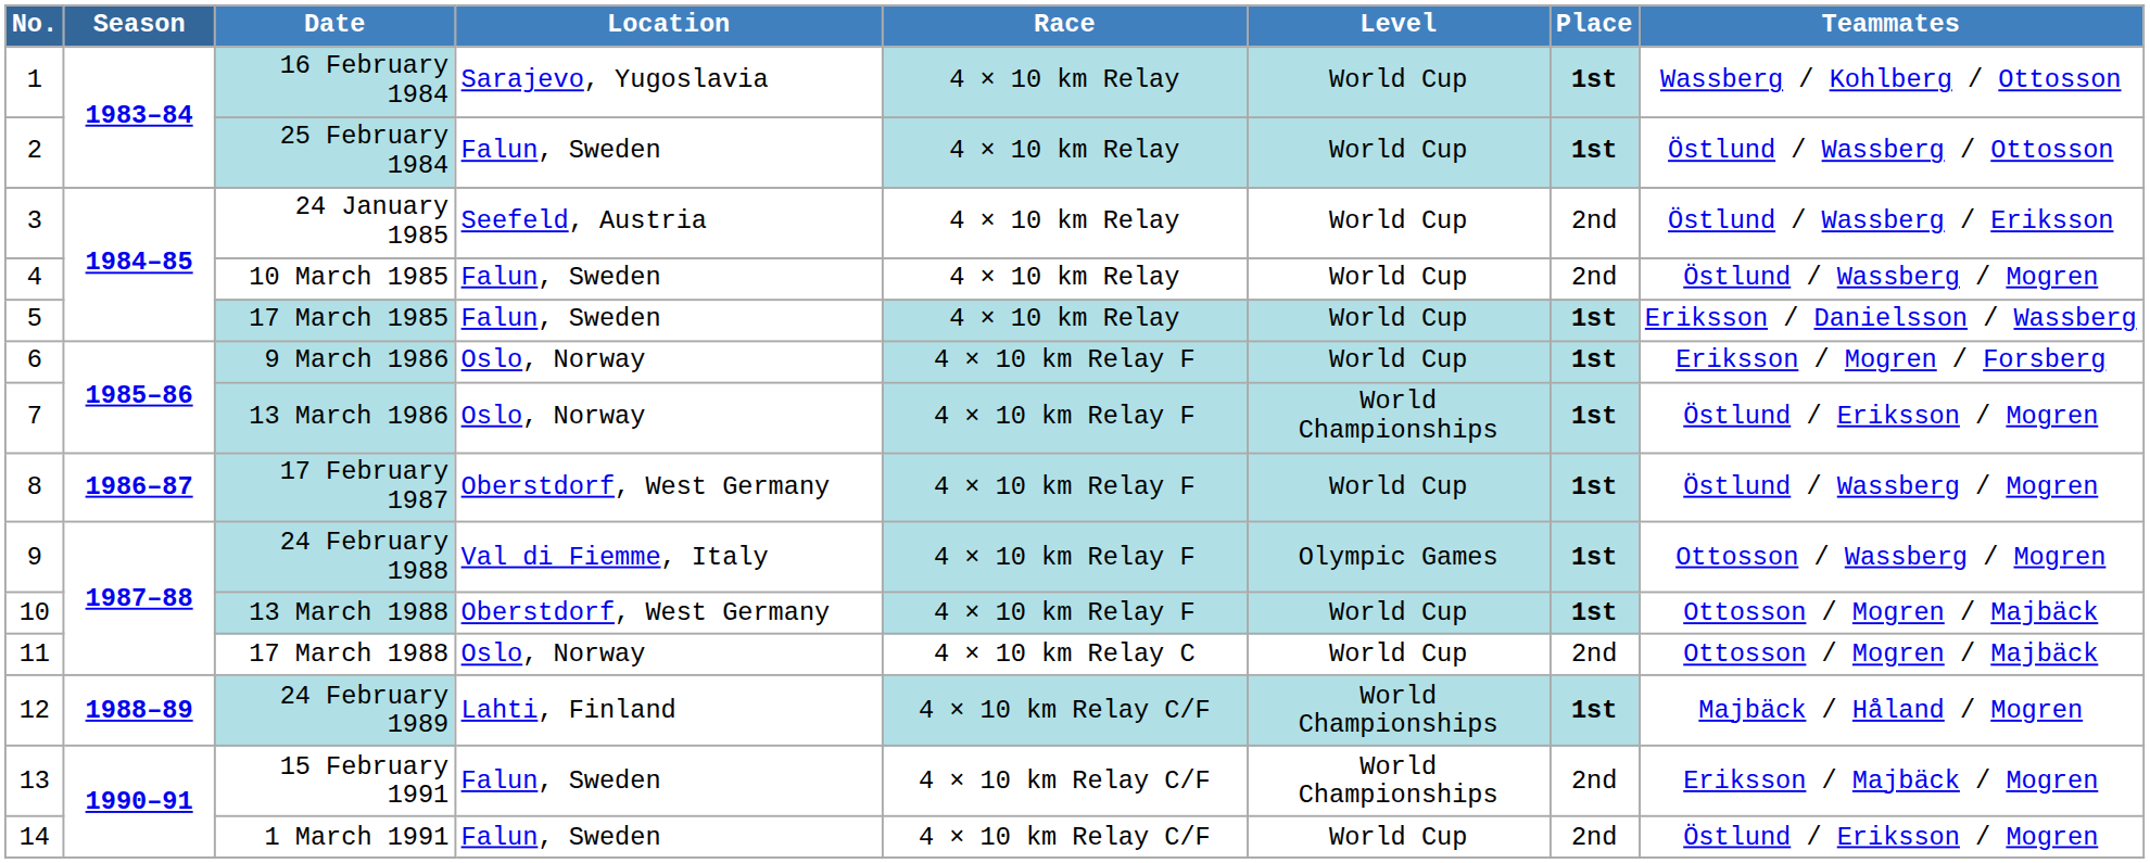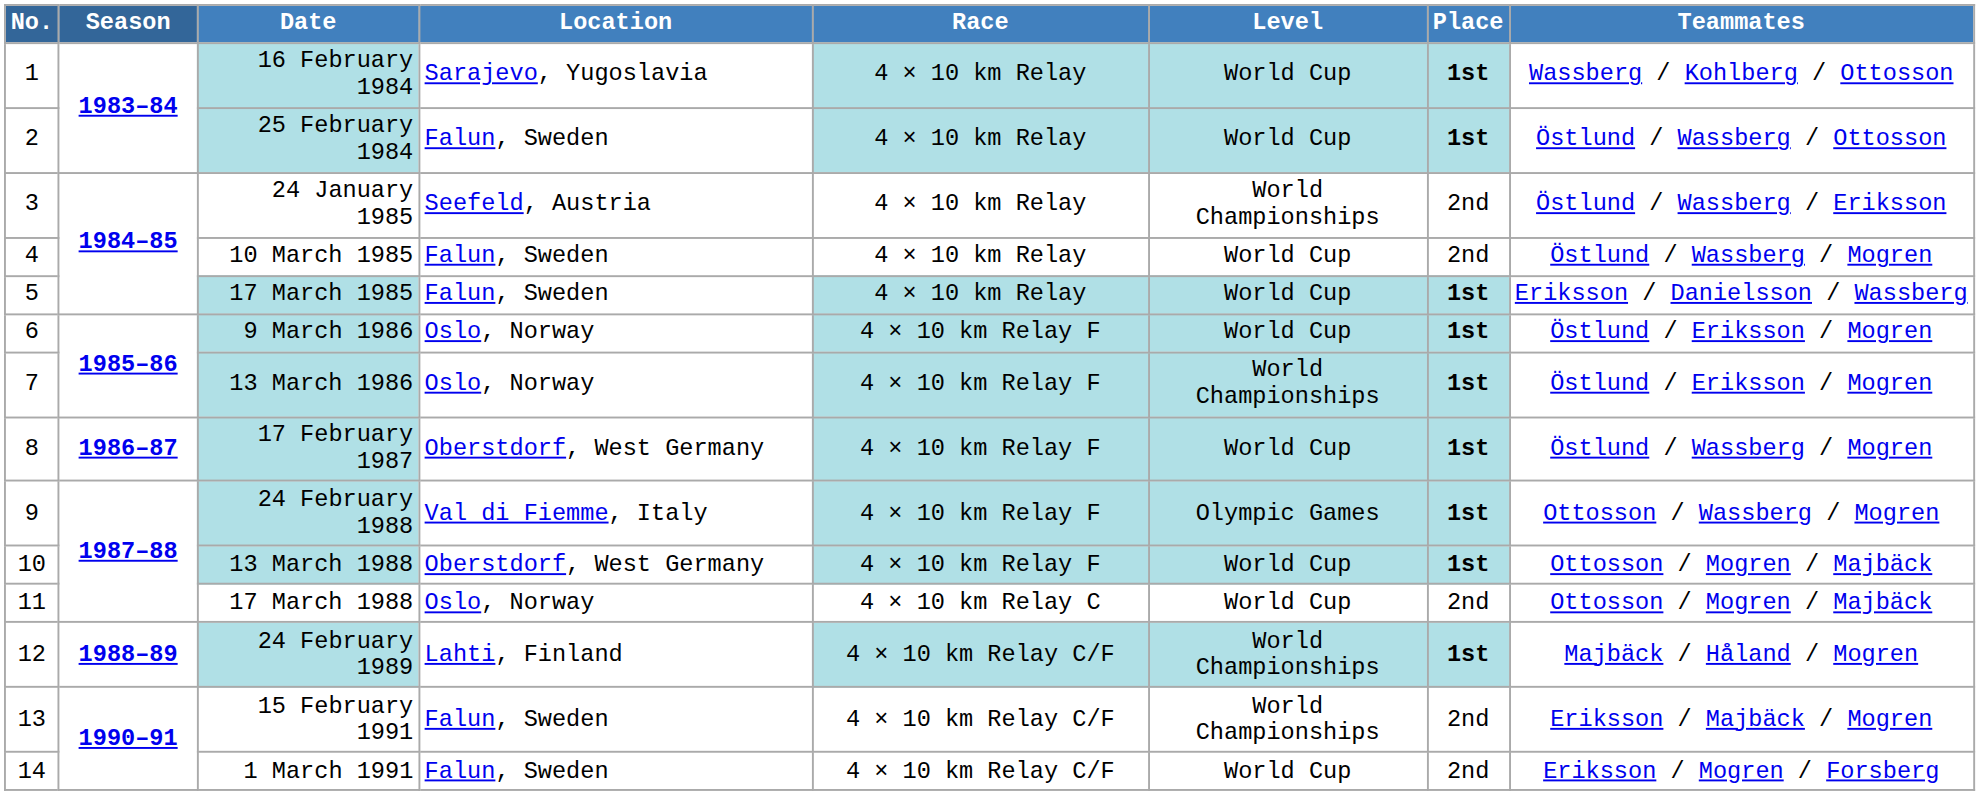 <table class="wikitable sortable" style="font-size:95%; text-align:center; border:grey solid 1px; border-collapse:collapse; background:#ffffff;">
 <tr style="background:#efefef;">
 <th style="background-color:#369; color:white;">No.</th>
 <th style="background-color:#369; color:white;">Season</th>
 <th style="background-color:#4180be; color:white; width:110px;">Date</th>
 <th style="background-color:#4180be; color:white; width:200px;">Location</th>
 <th style="background-color:#4180be; color:white; width:170px;">Race</th>
 <th style="background-color:#4180be; color:white; width:140px;">Level</th>
 <th style="background-color:#4180be; color:white;">Place</th>
 <th style="background-color:#4180be; color:white;">Teammates</th>
 </tr>
 <tr>
 <td align=center>1</td>
 <td rowspan=2 align=center><strong><a href='#'>1983–84</a></strong></td>
 <td bgcolor="#BOEOE6" align=right>16 February 1984</td>
 <td align=left> <a href='#'>Sarajevo</a>, Yugoslavia</td>
 <td bgcolor="#BOEOE6">4 × 10 km Relay</td>
 <td bgcolor="#BOEOE6">World Cup</td>
 <td bgcolor="#BOEOE6"><strong>1st</strong></td>
 <td><a href='#'>Wassberg</a> / <a href='#'>Kohlberg</a> / <a href='#'>Ottosson</a></td>
 </tr>
 <tr>
 <td align=center>2</td>
 <td bgcolor="#BOEOE6" align=right>25 February 1984</td>
 <td align=left> <a href='#'>Falun</a>, Sweden</td>
 <td bgcolor="#BOEOE6">4 × 10 km Relay</td>
 <td bgcolor="#BOEOE6">World Cup</td>
 <td bgcolor="#BOEOE6"><strong>1st</strong></td>
 <td><a href='#'>Östlund</a> / <a href='#'>Wassberg</a> / <a href='#'>Ottosson</a></td>
 </tr>
 <tr>
 <td align=center>3</td>
 <td rowspan=3 align=center><strong> <a href='#'>1984–85</a> </strong></td>
 <td align=right>24 January 1985</td>
 <td align=left> <a href='#'>Seefeld</a>, Austria</td>
 <td>4 × 10 km Relay</td>
-<td>World Cup</td>
+<td>World Championships</td>
 <td>2nd</td>
 <td><a href='#'>Östlund</a> / <a href='#'>Wassberg</a> / <a href='#'>Eriksson</a></td>
 </tr>
 <tr>
 <td align=center>4</td>
 <td align=right>10 March 1985</td>
 <td align=left> <a href='#'>Falun</a>, Sweden</td>
 <td>4 × 10 km Relay</td>
 <td>World Cup</td>
 <td>2nd</td>
 <td><a href='#'>Östlund</a> / <a href='#'>Wassberg</a> / <a href='#'>Mogren</a></td>
 </tr>
 <tr>
 <td align=center>5</td>
 <td bgcolor="#BOEOE6" align=right>17 March 1985</td>
 <td align=left> <a href='#'>Falun</a>, Sweden</td>
 <td bgcolor="#BOEOE6">4 × 10 km Relay</td>
 <td bgcolor="#BOEOE6">World Cup</td>
 <td bgcolor="#BOEOE6"><strong>1st</strong></td>
 <td><a href='#'>Eriksson</a> / <a href='#'>Danielsson</a> / <a href='#'>Wassberg</a></td>
 </tr>
 <tr>
 <td align=center>6</td>
 <td rowspan=2 align=center><strong><a href='#'>1985–86</a></strong></td>
 <td bgcolor="#BOEOE6" align=right>9 March 1986</td>
 <td align=left> <a href='#'>Oslo</a>, Norway</td>
 <td bgcolor="#BOEOE6">4 × 10 km Relay F</td>
 <td bgcolor="#BOEOE6">World Cup</td>
 <td bgcolor="#BOEOE6"><strong>1st</strong></td>
-<td><a href='#'>Eriksson</a> / <a href='#'>Mogren</a> /  <a href='#'>Forsberg</a></td>
+<td><a href='#'>Östlund</a> / <a href='#'>Eriksson</a> / <a href='#'>Mogren</a></td>
 </tr>
 <tr>
 <td align=center>7</td>
 <td bgcolor="#BOEOE6" align=right>13 March 1986</td>
 <td align=left> <a href='#'>Oslo</a>, Norway</td>
 <td bgcolor="#BOEOE6">4 × 10 km Relay F</td>
 <td bgcolor="#BOEOE6">World Championships</td>
 <td bgcolor="#BOEOE6"><strong>1st</strong></td>
 <td><a href='#'>Östlund</a> / <a href='#'>Eriksson</a> / <a href='#'>Mogren</a></td>
 </tr>
 <tr>
 <td align=center>8</td>
 <td rowspan=1 align=center><strong><a href='#'>1986–87</a></strong></td>
 <td bgcolor="#BOEOE6" align=right>17 February 1987</td>
 <td align=left> <a href='#'>Oberstdorf</a>, West Germany</td>
 <td bgcolor="#BOEOE6">4 × 10 km Relay F</td>
 <td bgcolor="#BOEOE6">World Cup</td>
 <td bgcolor="#BOEOE6"><strong>1st</strong></td>
 <td><a href='#'>Östlund</a> / <a href='#'>Wassberg</a> / <a href='#'>Mogren</a></td>
 </tr>
 <tr>
 <td align=center>9</td>
 <td rowspan=3 align=center><strong><a href='#'>1987–88</a></strong></td>
 <td bgcolor="#BOEOE6" align=right>24 February 1988</td>
 <td align=left> <a href='#'>Val di Fiemme</a>, Italy</td>
 <td bgcolor="#BOEOE6">4 × 10 km Relay F</td>
 <td bgcolor="#BOEOE6">Olympic Games</td>
 <td bgcolor="#BOEOE6"><strong>1st</strong></td>
 <td><a href='#'>Ottosson</a> / <a href='#'>Wassberg</a> / <a href='#'>Mogren</a></td>
 </tr>
 <tr>
 <td align=center>10</td>
 <td bgcolor="#BOEOE6" align=right>13 March 1988</td>
 <td align=left> <a href='#'>Oberstdorf</a>, West Germany</td>
 <td bgcolor="#BOEOE6">4 × 10 km Relay F</td>
 <td bgcolor="#BOEOE6">World Cup</td>
 <td bgcolor="#BOEOE6"><strong>1st</strong></td>
 <td><a href='#'>Ottosson</a> / <a href='#'>Mogren</a> / <a href='#'>Majbäck</a></td>
 </tr>
 <tr>
 <td align=center>11</td>
 <td align=right>17 March 1988</td>
 <td align=left> <a href='#'>Oslo</a>, Norway</td>
 <td>4 × 10 km Relay C</td>
 <td>World Cup</td>
 <td>2nd</td>
 <td><a href='#'>Ottosson</a> / <a href='#'>Mogren</a> / <a href='#'>Majbäck</a></td>
 </tr>
 <tr>
 <td align=center>12</td>
 <td rowspan=1 align=center><strong><a href='#'>1988–89</a></strong></td>
 <td bgcolor="#BOEOE6" align=right>24 February 1989</td>
 <td align=left> <a href='#'>Lahti</a>, Finland</td>
 <td bgcolor="#BOEOE6">4 × 10 km Relay C/F</td>
 <td bgcolor="#BOEOE6">World Championships</td>
 <td bgcolor="#BOEOE6"><strong>1st</strong></td>
 <td><a href='#'>Majbäck</a> / <a href='#'>Håland</a> / <a href='#'>Mogren</a></td>
 </tr>
 <tr>
 <td align=center>13</td>
 <td rowspan=2 align=center><strong> <a href='#'>1990–91</a> </strong></td>
 <td align=right>15 February 1991</td>
 <td align=left> <a href='#'>Falun</a>, Sweden</td>
 <td>4 × 10 km Relay C/F</td>
 <td>World Championships</td>
 <td>2nd</td>
 <td><a href='#'>Eriksson</a> / <a href='#'>Majbäck</a> / <a href='#'>Mogren</a></td>
 </tr>
 <tr>
 <td align=center>14</td>
 <td align=right>1 March 1991</td>
 <td align=left> <a href='#'>Falun</a>, Sweden</td>
 <td>4 × 10 km Relay C/F</td>
 <td>World Cup</td>
 <td>2nd</td>
-<td><a href='#'>Östlund</a> / <a href='#'>Eriksson</a> / <a href='#'>Mogren</a></td>
+<td><a href='#'>Eriksson</a> / <a href='#'>Mogren</a> /  <a href='#'>Forsberg</a></td>
 </tr>
 </table>
